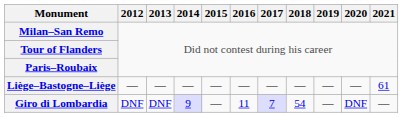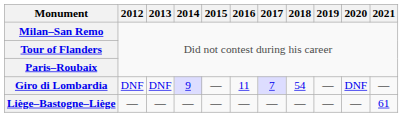 <table class="wikitable plainrowheaders">
 <tr>
 <th scope="col">Monument</th>
 <th scope="col">2012</th>
 <th scope="col">2013</th>
 <th scope="col">2014</th>
 <th scope="col">2015</th>
 <th scope="col">2016</th>
 <th scope="col">2017</th>
 <th scope="col">2018</th>
 <th scope="col">2019</th>
 <th scope="col">2020</th>
 <th scope="col">2021</th>
 </tr>
 <tr style="text-align:center;">
 <th scope="row"><a href='#'>Milan–San Remo</a></th>
 <td style="color:#4d4d4d;" colspan=10 rowspan=3>Did not contest during his career</td>
 </tr>
 <tr style="text-align:center;">
 <th scope="row"><a href='#'>Tour of Flanders</a></th>
 </tr>
 <tr style="text-align:center;">
 <th scope="row"><a href='#'>Paris–Roubaix</a></th>
 </tr>
 <tr style="text-align:center;">
+<th scope="row"><a href='#'>Giro di Lombardia</a></th>
+<td><a href='#'>DNF</a></td>
+<td><a href='#'>DNF</a></td>
+<td style="background:#ddf;"><a href='#'>9</a></td>
+<td>—</td>
+<td><a href='#'>11</a></td>
+<td style="background:#ddf;"><a href='#'>7</a></td>
+<td><a href='#'>54</a></td>
+<td>—</td>
+<td><a href='#'>DNF</a></td>
+<td>—</td>
+</tr>
+<tr style="text-align:center;">
 <th scope="row"><a href='#'>Liège–Bastogne–Liège</a></th>
 <td>—</td>
 <td>—</td>
 <td>—</td>
 <td>—</td>
 <td>—</td>
 <td>—</td>
 <td>—</td>
 <td>—</td>
 <td>—</td>
 <td><a href='#'>61</a></td>
 </tr>
-<tr style="text-align:center;">
-<th scope="row"><a href='#'>Giro di Lombardia</a></th>
-<td><a href='#'>DNF</a></td>
-<td><a href='#'>DNF</a></td>
-<td style="background:#ddf;"><a href='#'>9</a></td>
-<td>—</td>
-<td><a href='#'>11</a></td>
-<td style="background:#ddf;"><a href='#'>7</a></td>
-<td><a href='#'>54</a></td>
-<td>—</td>
-<td><a href='#'>DNF</a></td>
-<td>—</td>
-</tr>
 </table>
